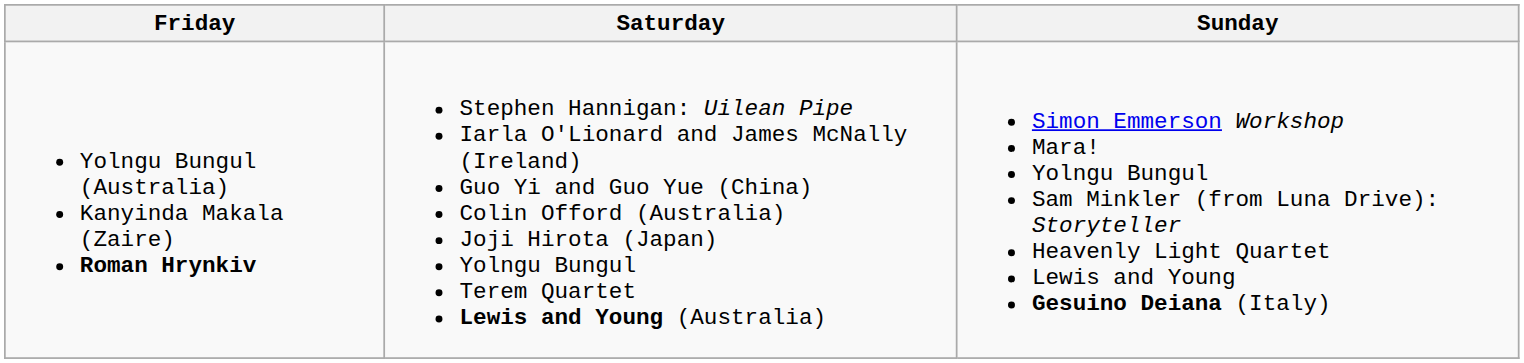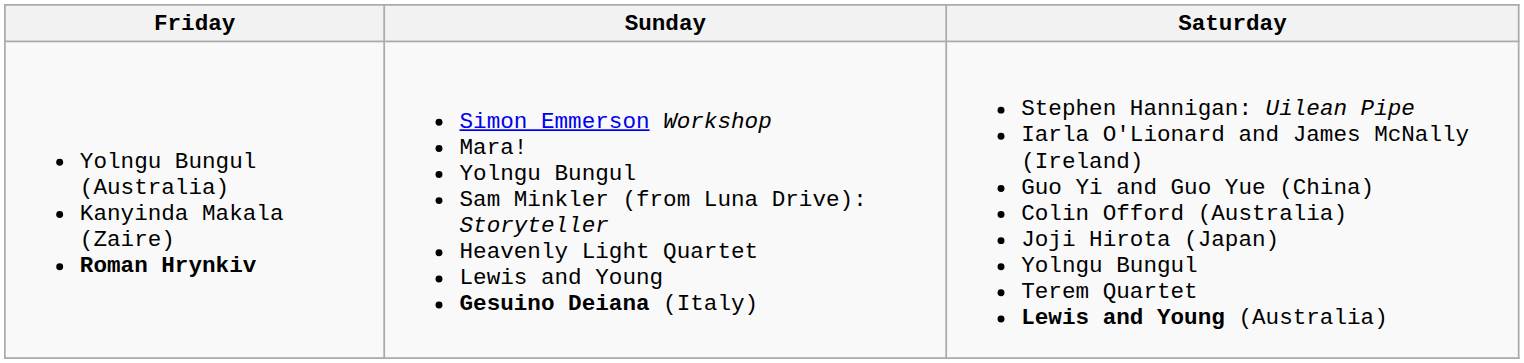 <table class="wikitable">
 <tr>
 <th>Friday</th>
+<th>Sunday</th>
 <th>Saturday</th>
-<th>Sunday</th>
 </tr>
 <tr>
 <td><br><ul><li>Yolngu Bungul (Australia)</li><li>Kanyinda Makala (Zaire)</li><li><strong>Roman Hrynkiv</strong></li></ul></td>
+<td><br><ul><li><a href='#'>Simon Emmerson</a> <em>Workshop</em></li><li>Mara!</li><li>Yolngu Bungul</li><li>Sam Minkler (from Luna Drive): <em>Storyteller</em></li><li>Heavenly Light Quartet</li><li>Lewis and Young</li><li><strong>Gesuino Deiana</strong> (Italy)</li></ul></td>
 <td><br><ul><li>Stephen Hannigan: <em>Uilean Pipe</em></li><li>Iarla O'Lionard and James McNally (Ireland)</li><li>Guo Yi and Guo Yue (China)</li><li>Colin Offord (Australia)</li><li>Joji Hirota (Japan)</li><li>Yolngu Bungul</li><li>Terem Quartet</li><li><strong>Lewis and Young</strong> (Australia)</li></ul></td>
-<td><br><ul><li><a href='#'>Simon Emmerson</a> <em>Workshop</em></li><li>Mara!</li><li>Yolngu Bungul</li><li>Sam Minkler (from Luna Drive): <em>Storyteller</em></li><li>Heavenly Light Quartet</li><li>Lewis and Young</li><li><strong>Gesuino Deiana</strong> (Italy)</li></ul></td>
 </tr>
 </table>
